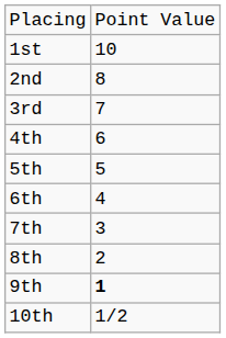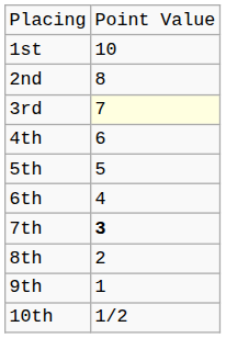 <table class="wikitable">
 <tr>
 <td>Placing</td>
 <td>Point Value</td>
 </tr>
 <tr>
 <td>1st</td>
 <td>10</td>
 </tr>
 <tr>
 <td>2nd</td>
 <td>8</td>
 </tr>
 <tr>
 <td>3rd</td>
-<td>7</td>
+<td style="background: lightyellow;">7</td>
 </tr>
 <tr>
 <td>4th</td>
 <td>6</td>
 </tr>
 <tr>
 <td>5th</td>
 <td>5</td>
 </tr>
 <tr>
 <td>6th</td>
 <td>4</td>
 </tr>
 <tr>
 <td>7th</td>
-<td>3</td>
+<td><strong>3</strong></td>
 </tr>
 <tr>
 <td>8th</td>
 <td>2</td>
 </tr>
 <tr>
 <td>9th</td>
-<td><strong>1</strong></td>
+<td>1</td>
 </tr>
 <tr>
 <td>10th</td>
 <td>1/2</td>
 </tr>
 </table>
